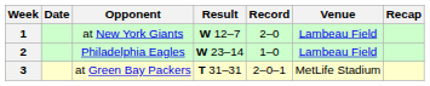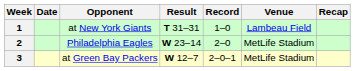 <table class="wikitable" style="text-align:center">
 <tr>
 <th>Week</th>
 <th>Date</th>
 <th>Opponent</th>
 <th>Result</th>
 <th>Record</th>
 <th>Venue</th>
 <th>Recap</th>
 </tr>
 <tr style="background:#cfc">
 <th>1</th>
 <td></td>
 <td>at <a href='#'>New York Giants</a></td>
-<td><strong>W</strong> 12–7</td>
-<td>2–0</td>
+<td><strong>T</strong> 31–31</td>
+<td>1–0</td>
 <td><a href='#'>Lambeau Field</a></td>
 <td></td>
 </tr>
 <tr style="background:#cfc">
 <th>2</th>
 <td></td>
 <td><a href='#'>Philadelphia Eagles</a></td>
 <td><strong>W</strong> 23–14</td>
-<td>1–0</td>
-<td><a href='#'>Lambeau Field</a></td>
+<td>2–0</td>
+<td>MetLife Stadium</td>
 <td></td>
 </tr>
 <tr style="background:#ffc">
 <th>3</th>
 <td></td>
 <td>at <a href='#'>Green Bay Packers</a></td>
-<td><strong>T</strong> 31–31</td>
+<td><strong>W</strong> 12–7</td>
 <td>2–0–1</td>
 <td>MetLife Stadium</td>
 <td></td>
 </tr>
 </table>
